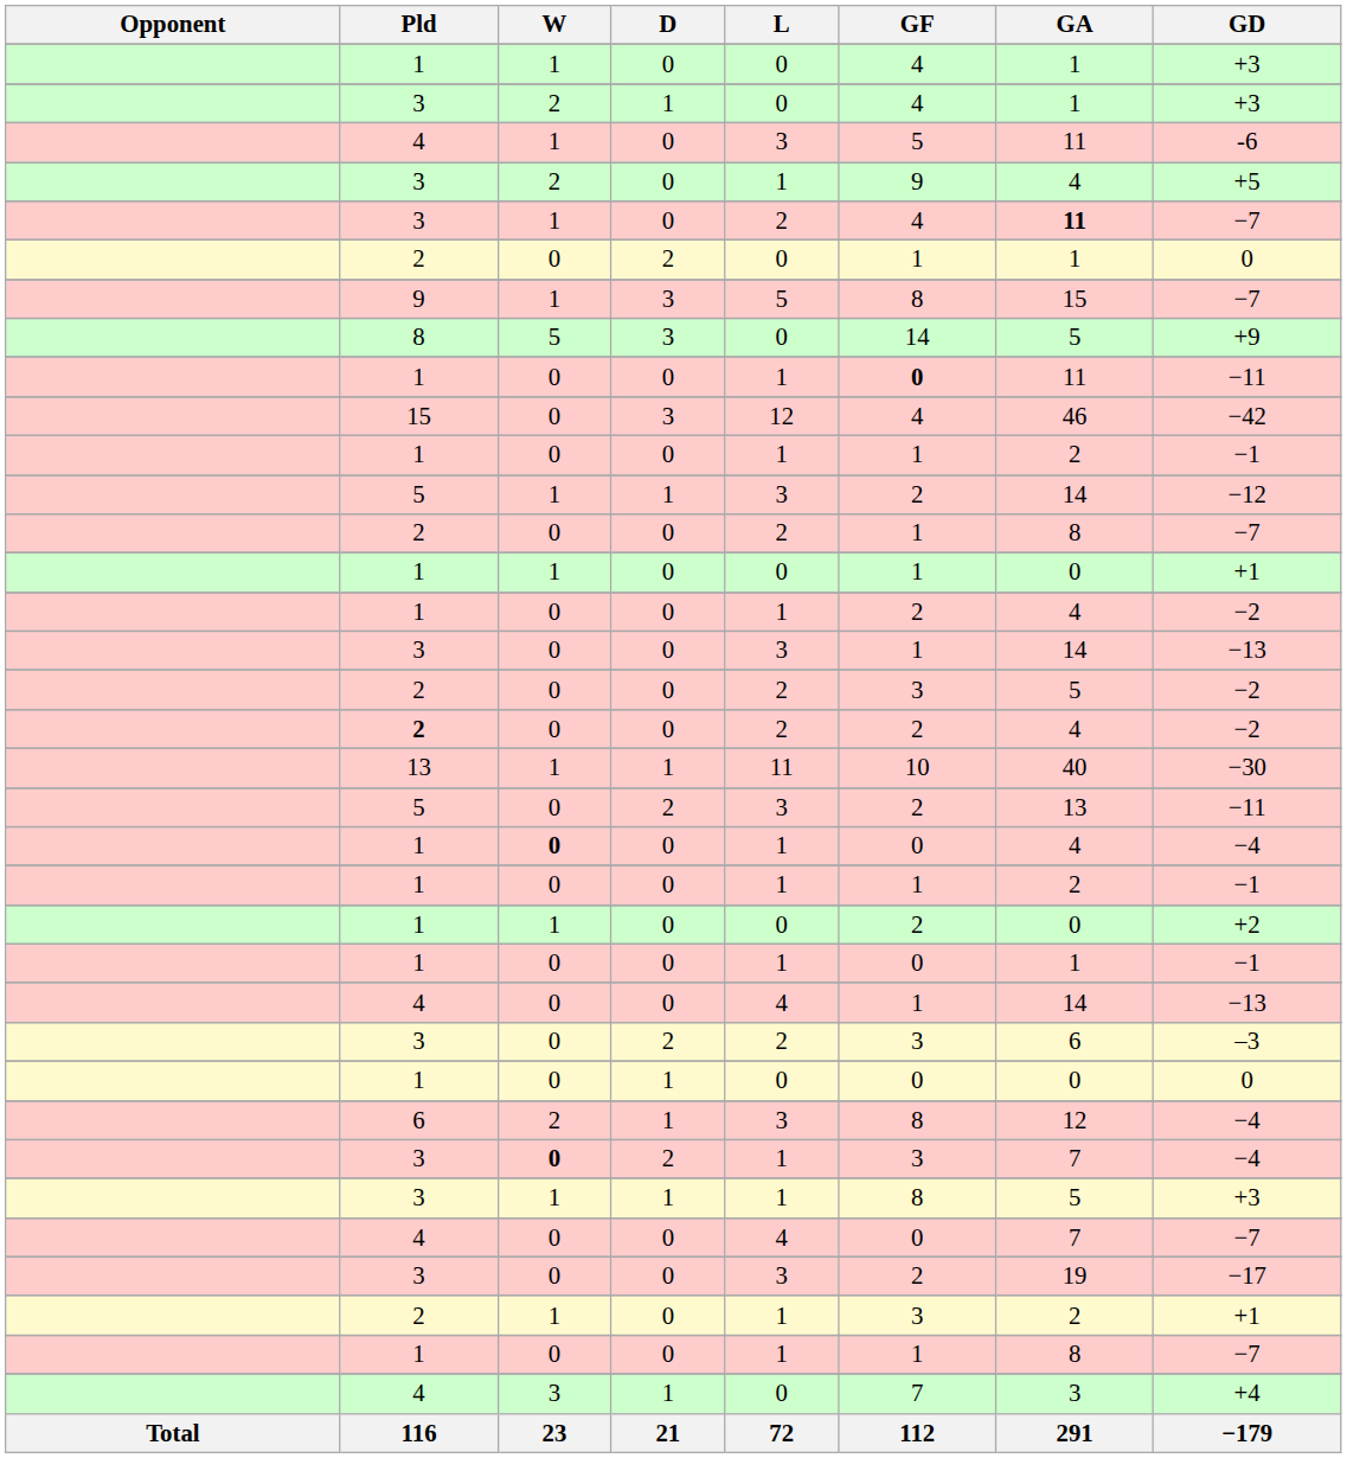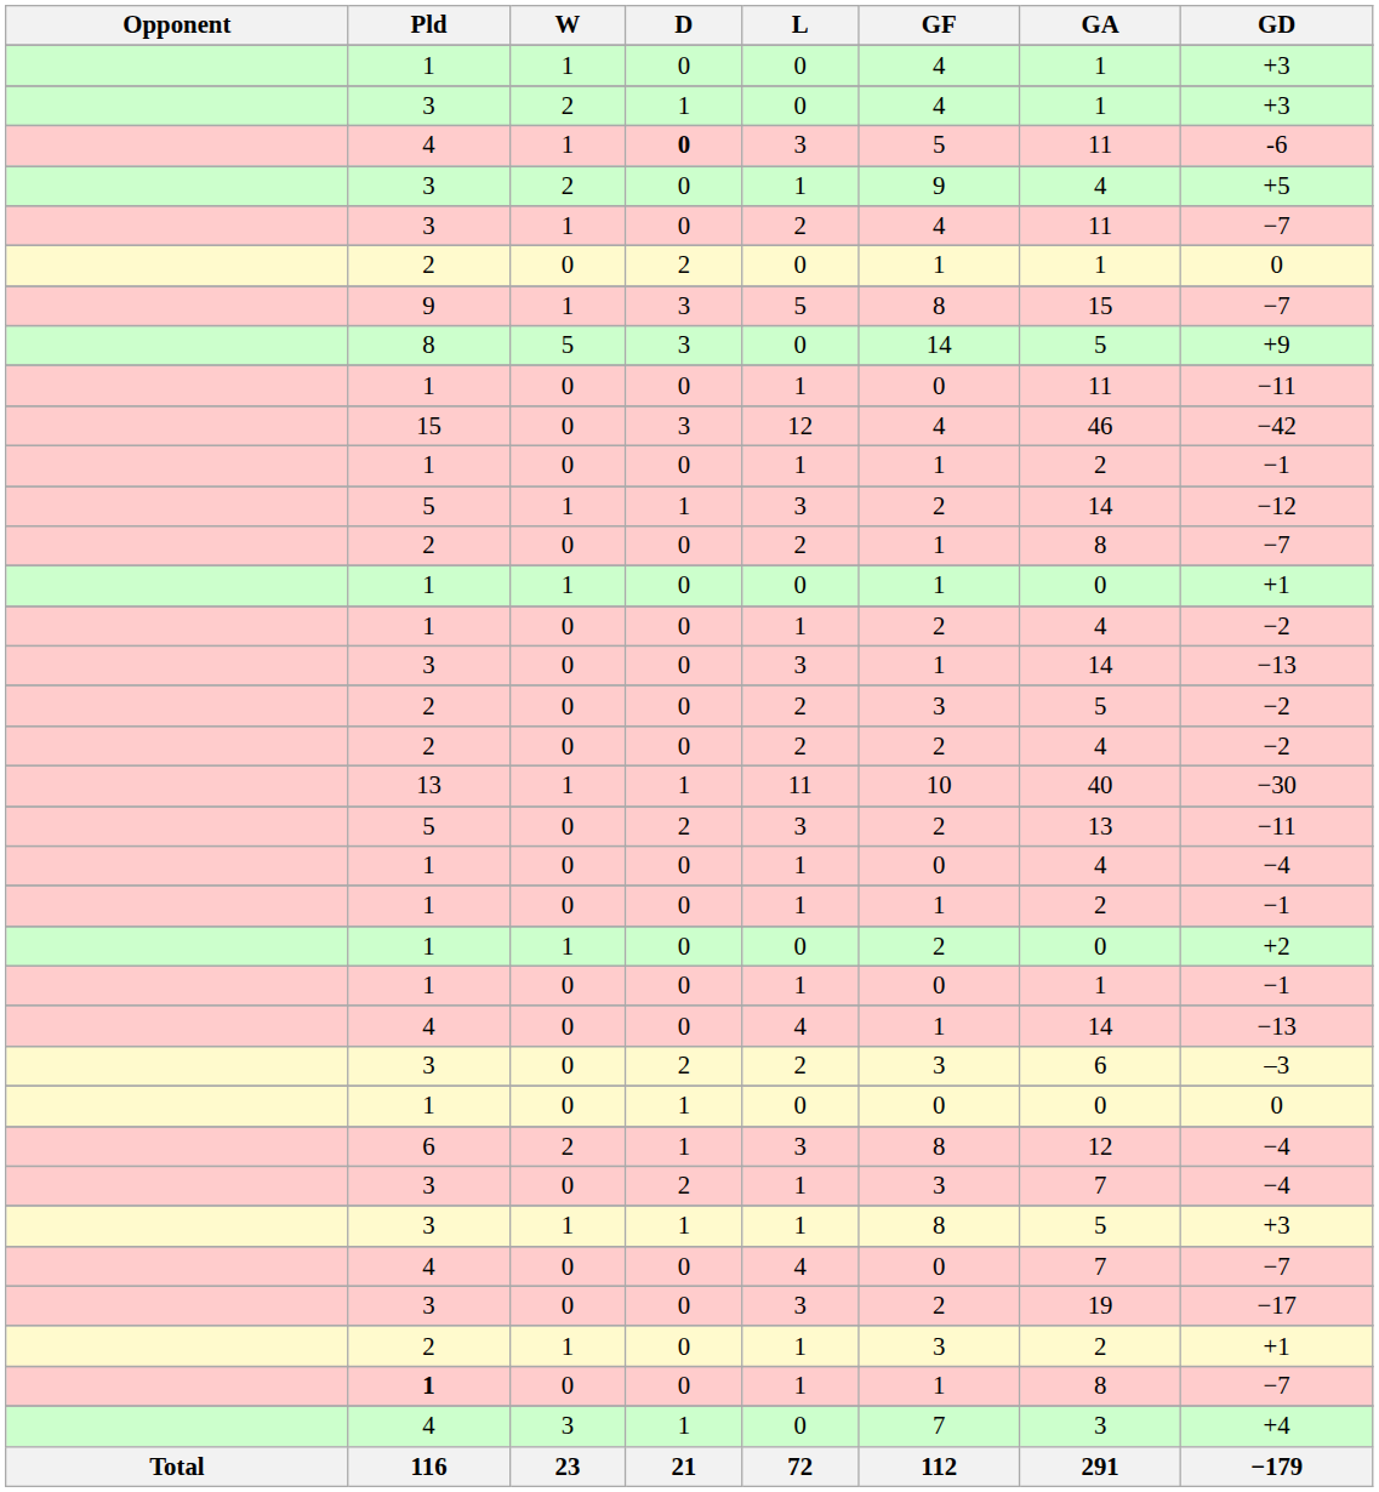 <table class="wikitable" style="text-align: center">
 <tr>
 <th width=220>Opponent<br></th>
 <th width=100>Pld<br></th>
 <th width=70>W<br></th>
 <th width=70>D<br></th>
 <th width=70>L<br></th>
 <th width=100>GF<br></th>
 <th width=100>GA<br></th>
 <th width=120>GD<br></th>
 </tr>
 <tr>
 </tr>
 <tr bgcolor="#CCFFCC">
 <td style="text-align:left;"></td>
 <td>1</td>
 <td>1</td>
 <td>0</td>
 <td>0</td>
 <td>4</td>
 <td>1</td>
 <td>+3</td>
 </tr>
 <tr>
 </tr>
 <tr bgcolor="#CCFFCC">
 <td style="text-align:left;"></td>
 <td>3</td>
 <td>2</td>
 <td>1</td>
 <td>0</td>
 <td>4</td>
 <td>1</td>
 <td>+3</td>
 </tr>
 <tr>
 </tr>
 <tr bgcolor="#FFCCCC">
 <td style="text-align:left;"></td>
 <td>4</td>
 <td>1</td>
-<td>0</td>
+<td><strong>0</strong></td>
 <td>3</td>
 <td>5</td>
 <td>11</td>
 <td>-6</td>
 </tr>
 <tr>
 </tr>
 <tr bgcolor="#CCFFCC">
 <td style="text-align:left;"></td>
 <td>3</td>
 <td>2</td>
 <td>0</td>
 <td>1</td>
 <td>9</td>
 <td>4</td>
 <td>+5</td>
 </tr>
 <tr>
 </tr>
 <tr bgcolor="#FFCCCC">
 <td style="text-align:left;"></td>
 <td>3</td>
 <td>1</td>
 <td>0</td>
 <td>2</td>
 <td>4</td>
-<td><strong>11</strong></td>
+<td>11</td>
 <td>−7</td>
 </tr>
 <tr>
 </tr>
 <tr bgcolor="#FFFACD">
 <td style="text-align:left;"></td>
 <td>2</td>
 <td>0</td>
 <td>2</td>
 <td>0</td>
 <td>1</td>
 <td>1</td>
 <td>0</td>
 </tr>
 <tr>
 </tr>
 <tr bgcolor="#FFCCCC">
 <td style="text-align:left;"></td>
 <td>9</td>
 <td>1</td>
 <td>3</td>
 <td>5</td>
 <td>8</td>
 <td>15</td>
 <td>−7</td>
 </tr>
 <tr>
 </tr>
 <tr bgcolor="#CCFFCC">
 <td style="text-align:left;"></td>
 <td>8</td>
 <td>5</td>
 <td>3</td>
 <td>0</td>
 <td>14</td>
 <td>5</td>
 <td>+9</td>
 </tr>
 <tr>
 </tr>
 <tr bgcolor="#FFCCCC">
 <td style="text-align:left;"></td>
 <td>1</td>
 <td>0</td>
 <td>0</td>
 <td>1</td>
-<td><strong>0</strong></td>
+<td>0</td>
 <td>11</td>
 <td>−11</td>
 </tr>
 <tr>
 </tr>
 <tr bgcolor="#FFCCCC">
 <td style="text-align:left;"></td>
 <td>15</td>
 <td>0</td>
 <td>3</td>
 <td>12</td>
 <td>4</td>
 <td>46</td>
 <td>−42</td>
 </tr>
 <tr>
 </tr>
 <tr bgcolor="#FFCCCC">
 <td style="text-align:left;"></td>
 <td>1</td>
 <td>0</td>
 <td>0</td>
 <td>1</td>
 <td>1</td>
 <td>2</td>
 <td>−1</td>
 </tr>
 <tr>
 </tr>
 <tr bgcolor="#FFCCCC">
 <td style="text-align:left;"></td>
 <td>5</td>
 <td>1</td>
 <td>1</td>
 <td>3</td>
 <td>2</td>
 <td>14</td>
 <td>−12</td>
 </tr>
 <tr>
 </tr>
 <tr bgcolor="#FFCCCC">
 <td style="text-align:left;"></td>
 <td>2</td>
 <td>0</td>
 <td>0</td>
 <td>2</td>
 <td>1</td>
 <td>8</td>
 <td>−7</td>
 </tr>
 <tr>
 </tr>
 <tr bgcolor="#CCFFCC">
 <td style="text-align:left;"></td>
 <td>1</td>
 <td>1</td>
 <td>0</td>
 <td>0</td>
 <td>1</td>
 <td>0</td>
 <td>+1</td>
 </tr>
 <tr>
 </tr>
 <tr bgcolor="#FFCCCC">
 <td style="text-align:left;"></td>
 <td>1</td>
 <td>0</td>
 <td>0</td>
 <td>1</td>
 <td>2</td>
 <td>4</td>
 <td>−2</td>
 </tr>
 <tr>
 </tr>
 <tr bgcolor="#FFCCCC">
 <td style="text-align:left;"></td>
 <td>3</td>
 <td>0</td>
 <td>0</td>
 <td>3</td>
 <td>1</td>
 <td>14</td>
 <td>−13</td>
 </tr>
 <tr>
 </tr>
 <tr bgcolor="#FFCCCC">
 <td style="text-align:left;"></td>
 <td>2</td>
 <td>0</td>
 <td>0</td>
 <td>2</td>
 <td>3</td>
 <td>5</td>
 <td>−2</td>
 </tr>
 <tr>
 </tr>
 <tr bgcolor="#FFCCCC">
 <td style="text-align:left;"></td>
-<td><strong>2</strong></td>
+<td>2</td>
 <td>0</td>
 <td>0</td>
 <td>2</td>
 <td>2</td>
 <td>4</td>
 <td>−2</td>
 </tr>
 <tr>
 </tr>
 <tr bgcolor="#FFCCCC">
 <td style="text-align:left;"></td>
 <td>13</td>
 <td>1</td>
 <td>1</td>
 <td>11</td>
 <td>10</td>
 <td>40</td>
 <td>−30</td>
 </tr>
 <tr>
 </tr>
 <tr bgcolor="#FFCCCC">
 <td style="text-align:left;"></td>
 <td>5</td>
 <td>0</td>
 <td>2</td>
 <td>3</td>
 <td>2</td>
 <td>13</td>
 <td>−11</td>
 </tr>
 <tr>
 </tr>
 <tr bgcolor="#FFCCCC">
 <td style="text-align:left;"></td>
 <td>1</td>
-<td><strong>0</strong></td>
+<td>0</td>
 <td>0</td>
 <td>1</td>
 <td>0</td>
 <td>4</td>
 <td>−4</td>
 </tr>
 <tr>
 </tr>
 <tr bgcolor="#FFCCCC">
 <td style="text-align:left;"></td>
 <td>1</td>
 <td>0</td>
 <td>0</td>
 <td>1</td>
 <td>1</td>
 <td>2</td>
 <td>−1</td>
 </tr>
 <tr>
 </tr>
 <tr bgcolor="#CCFFCC">
 <td style="text-align:left;"></td>
 <td>1</td>
 <td>1</td>
 <td>0</td>
 <td>0</td>
 <td>2</td>
 <td>0</td>
 <td>+2</td>
 </tr>
 <tr>
 </tr>
 <tr bgcolor="#FFCCCC">
 <td style="text-align:left;"></td>
 <td>1</td>
 <td>0</td>
 <td>0</td>
 <td>1</td>
 <td>0</td>
 <td>1</td>
 <td>−1</td>
 </tr>
 <tr>
 </tr>
 <tr bgcolor="#FFCCCC">
 <td style="text-align:left;"></td>
 <td>4</td>
 <td>0</td>
 <td>0</td>
 <td>4</td>
 <td>1</td>
 <td>14</td>
 <td>−13</td>
 </tr>
 <tr>
 </tr>
 <tr bgcolor="#FFFACD">
 <td style="text-align:left;"></td>
 <td>3</td>
 <td>0</td>
 <td>2</td>
 <td>2</td>
 <td>3</td>
 <td>6</td>
 <td>–3</td>
 </tr>
 <tr>
 </tr>
 <tr bgcolor="#FFFACD">
 <td style="text-align:left;"></td>
 <td>1</td>
 <td>0</td>
 <td>1</td>
 <td>0</td>
 <td>0</td>
 <td>0</td>
 <td>0</td>
 </tr>
 <tr>
 </tr>
 <tr bgcolor="#FFCCCC">
 <td style="text-align:left;"></td>
 <td>6</td>
 <td>2</td>
 <td>1</td>
 <td>3</td>
 <td>8</td>
 <td>12</td>
 <td>−4</td>
 </tr>
 <tr>
 </tr>
 <tr bgcolor="#FFCCCC">
 <td style="text-align:left;"></td>
 <td>3</td>
-<td><strong>0</strong></td>
+<td>0</td>
 <td>2</td>
 <td>1</td>
 <td>3</td>
 <td>7</td>
 <td>−4</td>
 </tr>
 <tr>
 </tr>
 <tr bgcolor="#FFFACD">
 <td style="text-align:left;"></td>
 <td>3</td>
 <td>1</td>
 <td>1</td>
 <td>1</td>
 <td>8</td>
 <td>5</td>
 <td>+3</td>
 </tr>
 <tr>
 </tr>
 <tr bgcolor="#FFCCCC">
 <td style="text-align:left;"></td>
 <td>4</td>
 <td>0</td>
 <td>0</td>
 <td>4</td>
 <td>0</td>
 <td>7</td>
 <td>−7</td>
 </tr>
 <tr>
 </tr>
 <tr bgcolor="#FFCCCC">
 <td style="text-align:left;"></td>
 <td>3</td>
 <td>0</td>
 <td>0</td>
 <td>3</td>
 <td>2</td>
 <td>19</td>
 <td>−17</td>
 </tr>
 <tr>
 </tr>
 <tr bgcolor="#FFFACD">
 <td style="text-align:left;"></td>
 <td>2</td>
 <td>1</td>
 <td>0</td>
 <td>1</td>
 <td>3</td>
 <td>2</td>
 <td>+1</td>
 </tr>
 <tr>
 </tr>
 <tr bgcolor="#FFCCCC">
 <td style="text-align:left;"></td>
-<td>1</td>
+<td><strong>1</strong></td>
 <td>0</td>
 <td>0</td>
 <td>1</td>
 <td>1</td>
 <td>8</td>
 <td>−7</td>
 </tr>
 <tr>
 </tr>
 <tr bgcolor="#CCFFCC">
 <td style="text-align:left;"></td>
 <td>4</td>
 <td>3</td>
 <td>1</td>
 <td>0</td>
 <td>7</td>
 <td>3</td>
 <td>+4</td>
 </tr>
 <tr class="sortbottom">
 <th>Total</th>
 <th>116</th>
 <th>23</th>
 <th>21</th>
 <th>72</th>
 <th>112</th>
 <th>291</th>
 <th>−179</th>
 </tr>
 </table>
